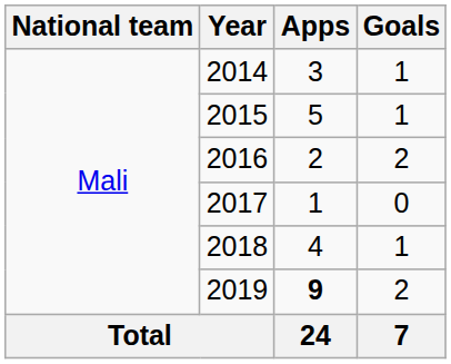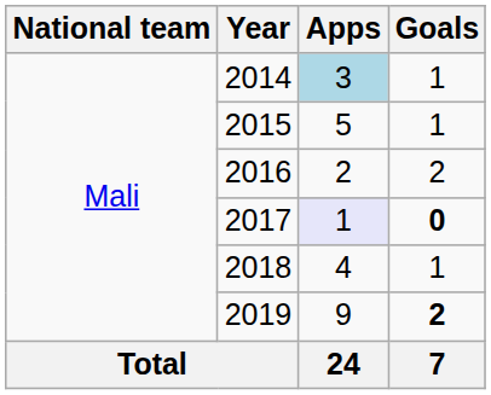 <table class="wikitable" style="text-align:center">
 <tr>
 <th>National team</th>
 <th>Year</th>
 <th>Apps</th>
 <th>Goals</th>
 </tr>
 <tr>
 <td rowspan="6"><a href='#'>Mali</a></td>
 <td>2014</td>
-<td>3</td>
+<td style="background: lightblue;">3</td>
 <td>1</td>
 </tr>
 <tr>
 <td>2015</td>
 <td>5</td>
 <td>1</td>
 </tr>
 <tr>
 <td>2016</td>
 <td>2</td>
 <td>2</td>
 </tr>
 <tr>
 <td>2017</td>
-<td>1</td>
-<td>0</td>
+<td style="background: lavender;">1</td>
+<td><strong>0</strong></td>
 </tr>
 <tr>
 <td>2018</td>
 <td>4</td>
 <td>1</td>
 </tr>
 <tr>
 <td>2019</td>
-<td><strong>9</strong></td>
-<td>2</td>
+<td>9</td>
+<td><strong>2</strong></td>
 </tr>
 <tr>
 <th colspan="2">Total</th>
 <th>24</th>
 <th>7</th>
 </tr>
 </table>
